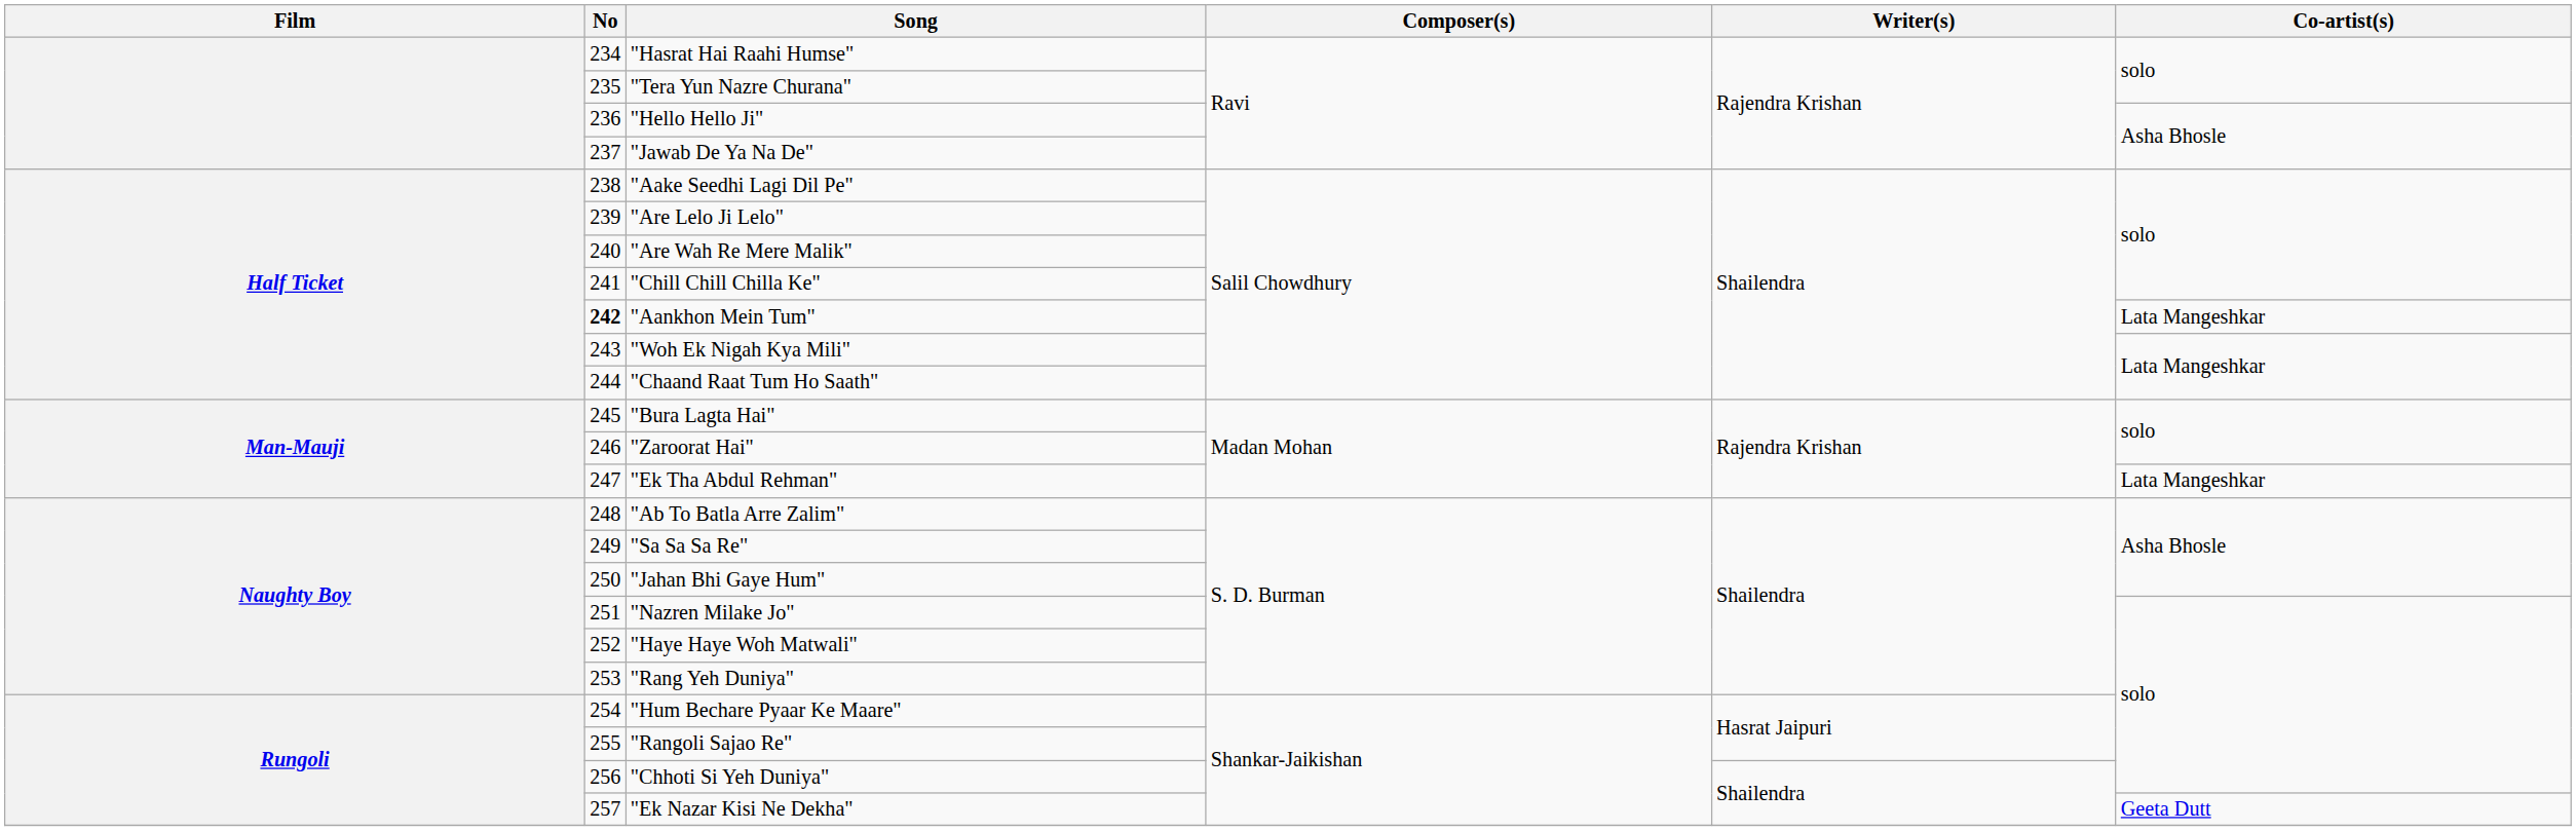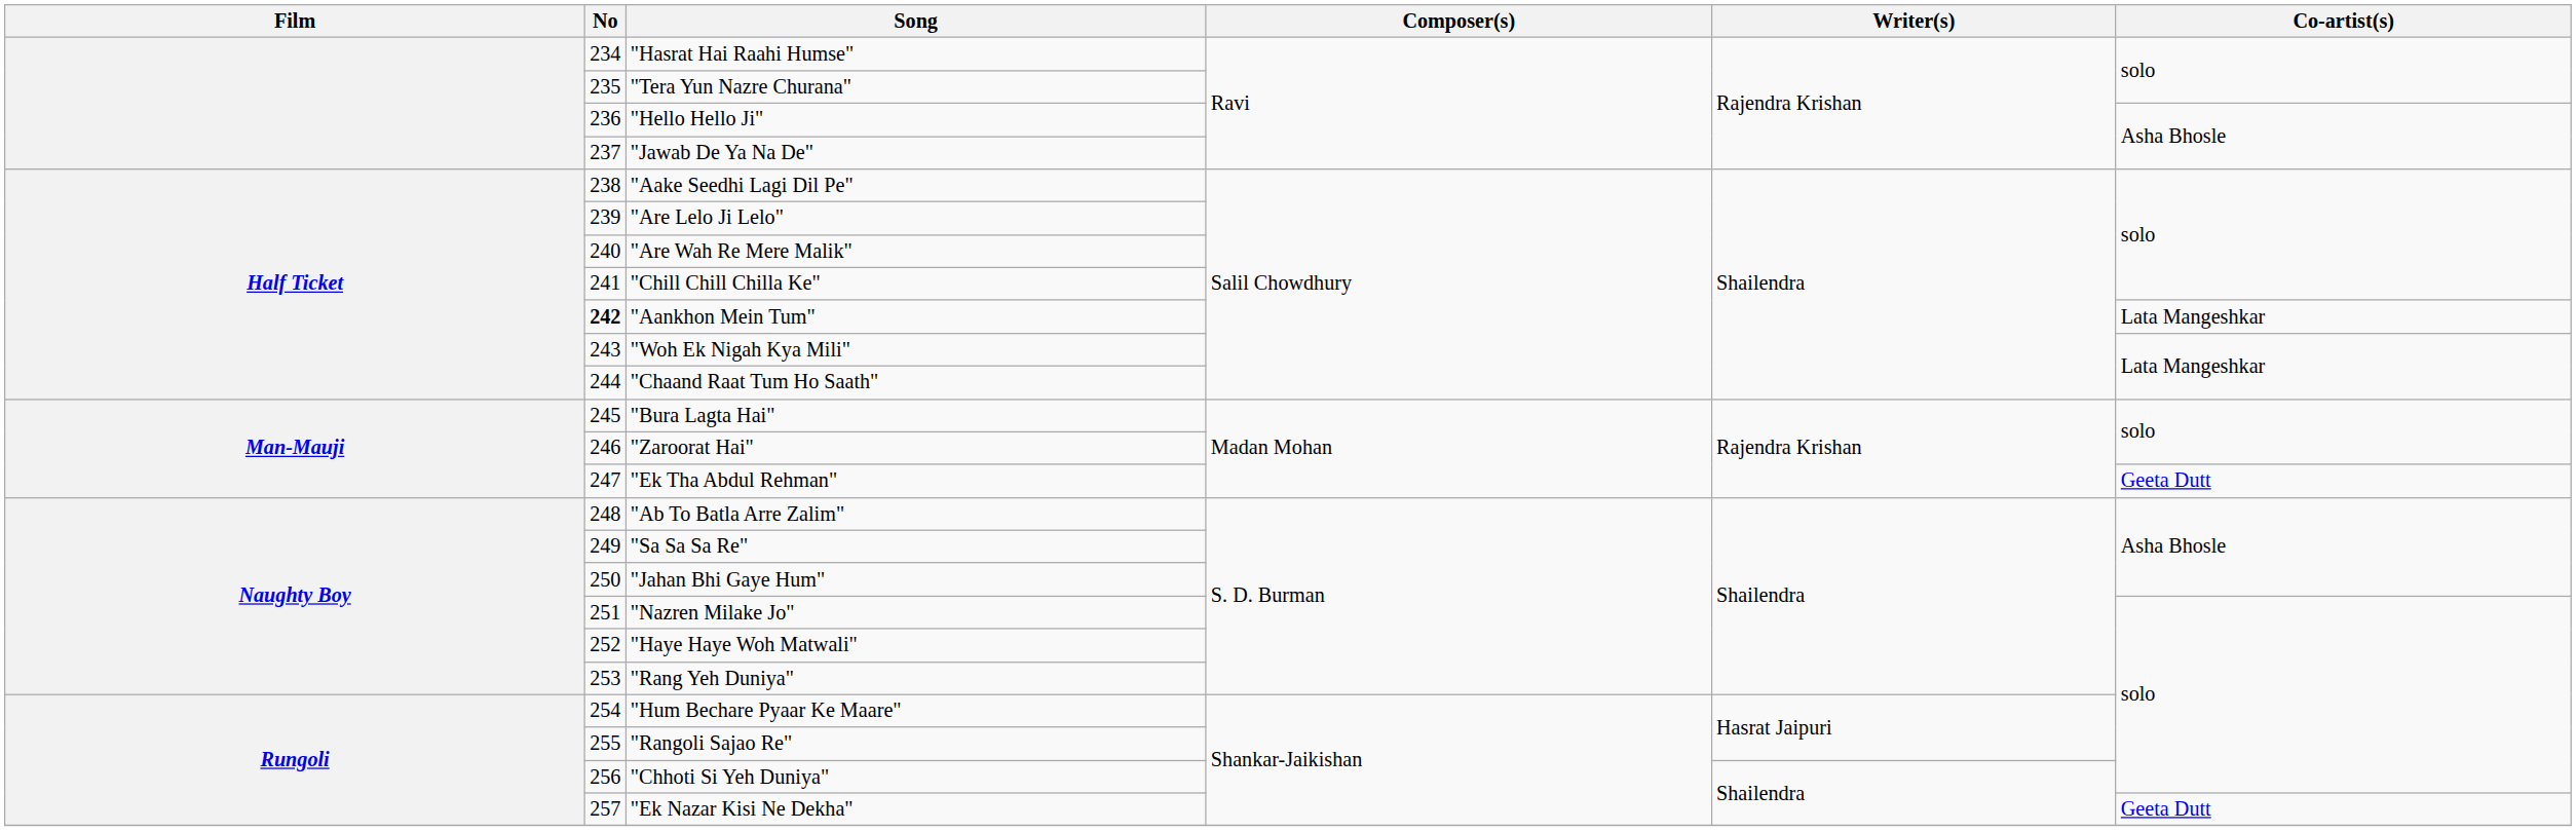 <table class="wikitable plainrowheaders" width="100%" textcolor:#000;">
 <tr style="background:#b0e0e66;">
 <th scope="col" width=23%><strong>Film</strong></th>
 <th><strong>No</strong></th>
 <th scope="col" width=23%><strong>Song</strong></th>
 <th scope="col" width=20%><strong>Composer(s)</strong></th>
 <th scope="col" width=16%><strong>Writer(s)</strong></th>
 <th scope="col" width=18%><strong>Co-artist(s)</strong></th>
 </tr>
 <tr>
 <th rowspan=4><em></em></th>
 <td>234</td>
 <td>"Hasrat Hai Raahi Humse"</td>
 <td rowspan=4>Ravi</td>
 <td rowspan=4>Rajendra Krishan</td>
 <td rowspan=2>solo</td>
 </tr>
 <tr>
 <td>235</td>
 <td>"Tera Yun Nazre Churana"</td>
 </tr>
 <tr>
 <td>236</td>
 <td>"Hello Hello Ji"</td>
 <td rowspan=2>Asha Bhosle</td>
 </tr>
 <tr>
 <td>237</td>
 <td>"Jawab De Ya Na De"</td>
 </tr>
 <tr>
 <th rowspan=7><em><a href='#'>Half Ticket</a></em></th>
 <td>238</td>
 <td>"Aake Seedhi Lagi Dil Pe"</td>
 <td rowspan=7>Salil Chowdhury</td>
 <td rowspan=7>Shailendra</td>
 <td rowspan=4>solo</td>
 </tr>
 <tr>
 <td>239</td>
 <td>"Are Lelo Ji Lelo"</td>
 </tr>
 <tr>
 <td>240</td>
 <td>"Are Wah Re Mere Malik"</td>
 </tr>
 <tr>
 <td>241</td>
 <td>"Chill Chill Chilla Ke"</td>
 </tr>
 <tr>
 <td><strong>242</strong></td>
 <td>"Aankhon Mein Tum"</td>
 <td>Lata Mangeshkar</td>
 </tr>
 <tr>
 <td>243</td>
 <td>"Woh Ek Nigah Kya Mili"</td>
 <td rowspan=2>Lata Mangeshkar</td>
 </tr>
 <tr>
 <td>244</td>
 <td>"Chaand Raat Tum Ho Saath"</td>
 </tr>
 <tr>
 <th rowspan=3><em><a href='#'>Man-Mauji</a></em></th>
 <td>245</td>
 <td>"Bura Lagta Hai"</td>
 <td rowspan=3>Madan Mohan</td>
 <td rowspan=3>Rajendra Krishan</td>
 <td rowspan=2>solo</td>
 </tr>
 <tr>
 <td>246</td>
 <td>"Zaroorat Hai"</td>
 </tr>
 <tr>
 <td>247</td>
 <td>"Ek Tha Abdul Rehman"</td>
-<td>Lata Mangeshkar</td>
+<td><a href='#'>Geeta Dutt</a></td>
 </tr>
 <tr>
 <th rowspan=6><em><a href='#'>Naughty Boy</a></em></th>
 <td>248</td>
 <td>"Ab To Batla Arre Zalim"</td>
 <td rowspan=6>S. D. Burman</td>
 <td rowspan=6>Shailendra</td>
 <td rowspan=3>Asha Bhosle</td>
 </tr>
 <tr>
 <td>249</td>
 <td>"Sa Sa Sa Re"</td>
 </tr>
 <tr>
 <td>250</td>
 <td>"Jahan Bhi Gaye Hum"</td>
 </tr>
 <tr>
 <td>251</td>
 <td>"Nazren Milake Jo"</td>
 <td rowspan=6>solo</td>
 </tr>
 <tr>
 <td>252</td>
 <td>"Haye Haye Woh Matwali"</td>
 </tr>
 <tr>
 <td>253</td>
 <td>"Rang Yeh Duniya"</td>
 </tr>
 <tr>
 <th rowspan=4><em><a href='#'>Rungoli</a></em></th>
 <td>254</td>
 <td>"Hum Bechare Pyaar Ke Maare"</td>
 <td rowspan=4>Shankar-Jaikishan</td>
 <td rowspan=2>Hasrat Jaipuri</td>
 </tr>
 <tr>
 <td>255</td>
 <td>"Rangoli Sajao Re"</td>
 </tr>
 <tr>
 <td>256</td>
 <td>"Chhoti Si Yeh Duniya"</td>
 <td rowspan=2>Shailendra</td>
 </tr>
 <tr>
 <td>257</td>
 <td>"Ek Nazar Kisi Ne Dekha"</td>
 <td><a href='#'>Geeta Dutt</a></td>
 </tr>
 <tr>
 </tr>
 </table>
